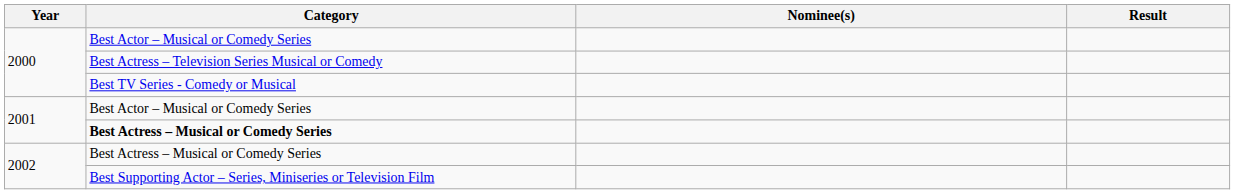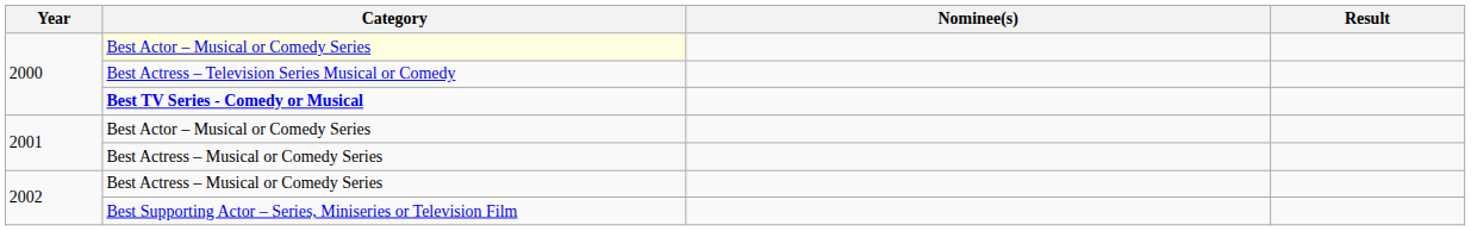 <table class="wikitable" style="font-size: 90%" width=100%>
 <tr>
 <th width="5%">Year</th>
 <th width="30%">Category</th>
 <th width="30%">Nominee(s)</th>
 <th width="10%">Result</th>
 </tr>
 <tr>
 <td rowspan="3">2000</td>
-<td><a href='#'>Best Actor – Musical or Comedy Series</a></td>
+<td style="background: lightyellow;"><a href='#'>Best Actor – Musical or Comedy Series</a></td>
 <td></td>
 <td></td>
 </tr>
 <tr>
 <td><a href='#'>Best Actress – Television Series Musical or Comedy</a></td>
 <td></td>
 <td></td>
 </tr>
 <tr>
-<td><a href='#'>Best TV Series - Comedy or Musical</a></td>
+<td><strong><a href='#'>Best TV Series - Comedy or Musical</a></strong></td>
 <td></td>
 <td></td>
 </tr>
 <tr>
 <td rowspan="2">2001</td>
 <td>Best Actor – Musical or Comedy Series</td>
 <td></td>
 <td></td>
 </tr>
 <tr>
-<td><strong>Best Actress – Musical or Comedy Series</strong></td>
+<td>Best Actress – Musical or Comedy Series</td>
 <td></td>
 <td></td>
 </tr>
 <tr>
 <td rowspan="2">2002</td>
 <td>Best Actress – Musical or Comedy Series</td>
 <td></td>
 <td></td>
 </tr>
 <tr>
 <td><a href='#'>Best Supporting Actor – Series, Miniseries or Television Film</a></td>
 <td></td>
 <td></td>
 </tr>
 </table>
